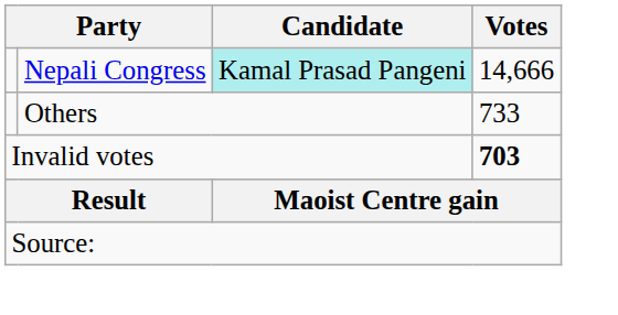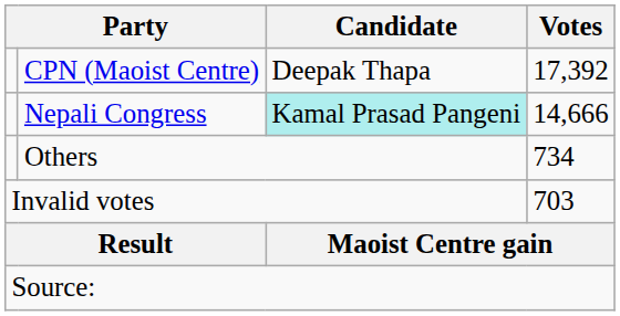 <table class="wikitable">
 <tr>
 <th colspan="2">Party</th>
 <th>Candidate</th>
 <th>Votes</th>
+</tr>
+<tr>
+<td style="background-color:"></td>
+<td><a href='#'>CPN (Maoist Centre)</a></td>
+<td>Deepak Thapa</td>
+<td>17,392</td>
 </tr>
 <tr>
 <td style="background-color:"></td>
 <td><a href='#'>Nepali Congress</a></td>
 <td style="background: paleturquoise;">Kamal Prasad Pangeni</td>
 <td>14,666</td>
 </tr>
 <tr>
 <td></td>
 <td colspan="2">Others</td>
-<td>733</td>
+<td>734</td>
 </tr>
 <tr>
 <td colspan="3">Invalid votes</td>
-<td><strong>703</strong></td>
+<td>703</td>
 </tr>
 <tr>
 <th colspan="2">Result</th>
 <th colspan="2">Maoist Centre gain</th>
 </tr>
 <tr>
 <td colspan="4">Source: </td>
 </tr>
 </table>
